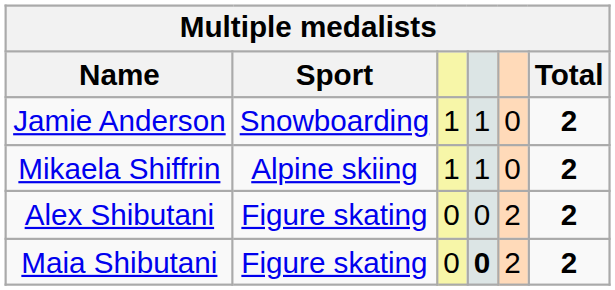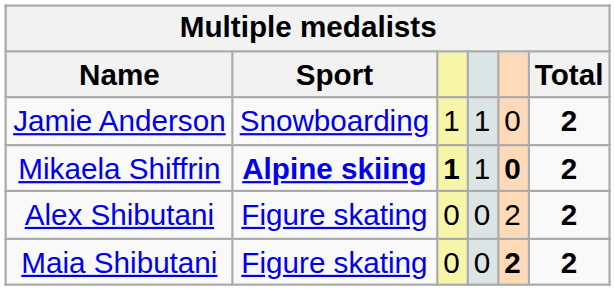 <table class=wikitable style=font-size:85%;float:right;text-align:center>
 <tr>
 <th colspan=7>Multiple medalists</th>
 </tr>
 <tr>
 <th>Name</th>
 <th>Sport</th>
 <td bgcolor=F7F6A8></td>
 <td bgcolor=DCE5E5></td>
 <td bgcolor=FFDAB9></td>
 <th>Total</th>
 </tr>
 <tr>
 <td><a href='#'>Jamie Anderson</a></td>
 <td><a href='#'>Snowboarding</a></td>
 <td bgcolor=F7F6A8>1</td>
 <td bgcolor=DCE5E5>1</td>
 <td bgcolor=FFDAB9>0</td>
 <td><strong>2</strong></td>
 </tr>
 <tr>
 <td><a href='#'>Mikaela Shiffrin</a></td>
-<td><a href='#'>Alpine skiing</a></td>
-<td bgcolor=F7F6A8>1</td>
+<td><strong><a href='#'>Alpine skiing</a></strong></td>
+<td bgcolor=F7F6A8><strong>1</strong></td>
 <td bgcolor=DCE5E5>1</td>
-<td bgcolor=FFDAB9>0</td>
+<td bgcolor=FFDAB9><strong>0</strong></td>
 <td><strong>2</strong></td>
 </tr>
 <tr>
 <td><a href='#'>Alex Shibutani</a></td>
 <td><a href='#'>Figure skating</a></td>
 <td bgcolor=F7F6A8>0</td>
 <td bgcolor=DCE5E5>0</td>
 <td bgcolor=FFDAB9>2</td>
 <td><strong>2</strong></td>
 </tr>
 <tr>
 <td><a href='#'>Maia Shibutani</a></td>
 <td><a href='#'>Figure skating</a></td>
 <td bgcolor=F7F6A8>0</td>
-<td bgcolor=DCE5E5><strong>0</strong></td>
-<td bgcolor=FFDAB9>2</td>
+<td bgcolor=DCE5E5>0</td>
+<td bgcolor=FFDAB9><strong>2</strong></td>
 <td><strong>2</strong></td>
 </tr>
 </table>
